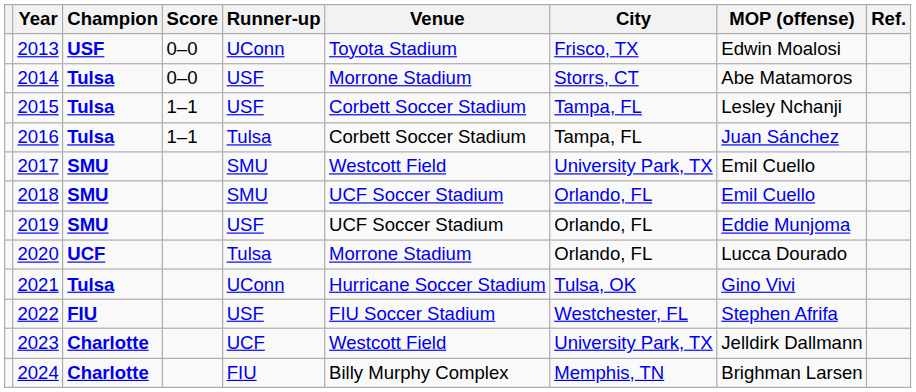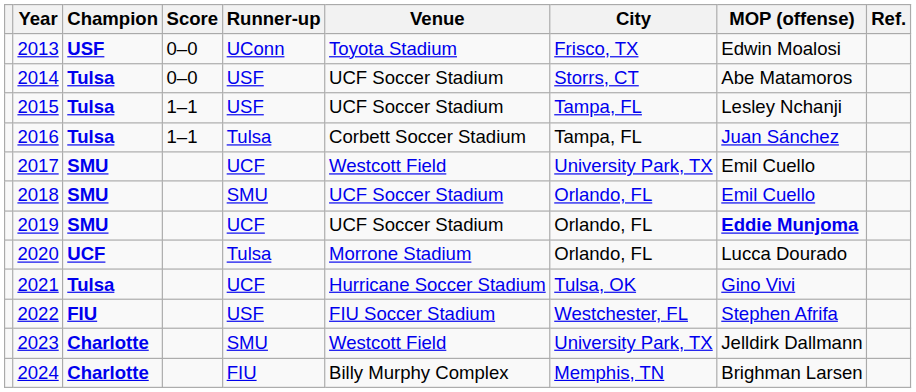 <table class= "wikitable sortable"; style= font-size: %>
 <tr>
 <th width=px></th>
 <th width=px>Year</th>
 <th width=px>Champion</th>
 <th width=px>Score</th>
 <th width=px>Runner-up</th>
 <th width=px>Venue</th>
 <th width=px>City</th>
 <th width=px>MOP (offense)</th>
 <th width=px>Ref.</th>
 </tr>
 <tr>
 <td></td>
 <td><a href='#'>2013</a></td>
 <td><strong><a href='#'>USF</a></strong> </td>
 <td {{center>0–0 </td>
 <td><a href='#'>UConn</a></td>
 <td><a href='#'>Toyota Stadium</a></td>
 <td><a href='#'>Frisco, TX</a></td>
 <td>Edwin Moalosi </td>
 <td></td>
 </tr>
 <tr>
 <td></td>
 <td><a href='#'>2014</a></td>
 <td><strong><a href='#'>Tulsa</a></strong> </td>
 <td {{center>0–0 </td>
 <td><a href='#'>USF</a></td>
-<td><a href='#'>Morrone Stadium</a></td>
+<td>UCF Soccer Stadium</td>
 <td><a href='#'>Storrs, CT</a></td>
 <td>Abe Matamoros </td>
 <td></td>
 </tr>
 <tr>
 <td></td>
 <td><a href='#'>2015</a></td>
 <td><strong><a href='#'>Tulsa</a></strong> </td>
 <td {{center>1–1 </td>
 <td><a href='#'>USF</a></td>
-<td><a href='#'>Corbett Soccer Stadium</a></td>
+<td>UCF Soccer Stadium</td>
 <td><a href='#'>Tampa, FL</a></td>
 <td>Lesley Nchanji </td>
 <td></td>
 </tr>
 <tr>
 <td></td>
 <td><a href='#'>2016</a></td>
 <td><strong><a href='#'>Tulsa</a></strong> </td>
 <td {{center>1–1 </td>
 <td><a href='#'>Tulsa</a></td>
 <td>Corbett Soccer Stadium</td>
 <td>Tampa, FL</td>
 <td><a href='#'>Juan Sánchez</a> </td>
 <td></td>
 </tr>
 <tr>
 <td></td>
 <td><a href='#'>2017</a></td>
 <td><strong><a href='#'>SMU</a></strong> </td>
 <td></td>
-<td><a href='#'>SMU</a></td>
+<td><a href='#'>UCF</a></td>
 <td><a href='#'>Westcott Field</a></td>
 <td><a href='#'>University Park, TX</a></td>
 <td>Emil Cuello </td>
 <td></td>
 </tr>
 <tr>
 <td></td>
 <td><a href='#'>2018</a></td>
 <td><strong><a href='#'>SMU</a></strong> </td>
 <td></td>
 <td><a href='#'>SMU</a></td>
 <td><a href='#'>UCF Soccer Stadium</a></td>
 <td><a href='#'>Orlando, FL</a></td>
 <td><a href='#'>Emil Cuello</a> </td>
 <td></td>
 </tr>
 <tr>
 <td></td>
 <td><a href='#'>2019</a></td>
 <td><strong><a href='#'>SMU</a></strong> </td>
 <td></td>
-<td><a href='#'>USF</a></td>
+<td><a href='#'>UCF</a></td>
 <td>UCF Soccer Stadium</td>
 <td>Orlando, FL</td>
-<td><a href='#'>Eddie Munjoma</a> </td>
+<td><strong><a href='#'>Eddie Munjoma</a> </strong></td>
 <td></td>
 </tr>
 <tr>
 <td></td>
 <td><a href='#'>2020</a></td>
 <td><strong><a href='#'>UCF</a></strong> </td>
 <td></td>
 <td><a href='#'>Tulsa</a></td>
 <td><a href='#'>Morrone Stadium</a></td>
 <td>Orlando, FL</td>
 <td>Lucca Dourado </td>
 <td></td>
 </tr>
 <tr>
 <td></td>
 <td><a href='#'>2021</a></td>
 <td><strong><a href='#'>Tulsa</a></strong> </td>
 <td></td>
-<td><a href='#'>UConn</a></td>
+<td><a href='#'>UCF</a></td>
 <td><a href='#'>Hurricane Soccer Stadium</a></td>
 <td><a href='#'>Tulsa, OK</a></td>
 <td><a href='#'>Gino Vivi</a> </td>
 <td></td>
 </tr>
 <tr>
 <td></td>
 <td><a href='#'>2022</a></td>
 <td><strong><a href='#'>FIU</a></strong> </td>
 <td></td>
 <td><a href='#'>USF</a></td>
 <td><a href='#'>FIU Soccer Stadium</a></td>
 <td><a href='#'>Westchester, FL</a></td>
 <td><a href='#'>Stephen Afrifa</a> </td>
 <td></td>
 </tr>
 <tr>
 <td></td>
 <td><a href='#'>2023</a></td>
 <td><strong><a href='#'>Charlotte</a></strong> </td>
 <td></td>
-<td><a href='#'>UCF</a></td>
+<td><a href='#'>SMU</a></td>
 <td><a href='#'>Westcott Field</a></td>
 <td><a href='#'>University Park, TX</a></td>
 <td>Jelldirk Dallmann </td>
 <td></td>
 </tr>
 <tr>
 <td></td>
 <td><a href='#'>2024</a></td>
 <td><strong><a href='#'>Charlotte</a></strong> </td>
 <td></td>
 <td><a href='#'>FIU</a></td>
 <td>Billy Murphy Complex</td>
 <td><a href='#'>Memphis, TN</a></td>
 <td>Brighman Larsen </td>
 <td></td>
 </tr>
 </table>
